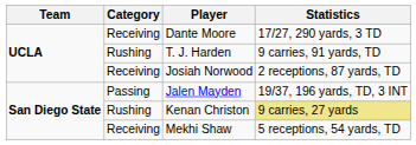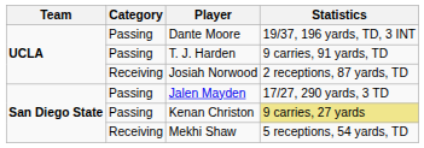 <table class="wikitable" style="float: right;">
 <tr>
 <th>Team</th>
 <th>Category</th>
 <th>Player</th>
 <th>Statistics</th>
 </tr>
 <tr>
 <td rowspan=3><strong>UCLA</strong></td>
-<td>Receiving</td>
+<td>Passing</td>
 <td>Dante Moore</td>
-<td>17/27, 290 yards, 3 TD</td>
+<td>19/37, 196 yards, TD, 3 INT</td>
 </tr>
 <tr>
-<td>Rushing</td>
+<td>Passing</td>
 <td>T. J. Harden</td>
 <td>9 carries, 91 yards, TD</td>
 </tr>
 <tr>
 <td>Receiving</td>
 <td>Josiah Norwood</td>
 <td>2 receptions, 87 yards, TD</td>
 </tr>
 <tr>
 <td rowspan=3><strong>San Diego State</strong></td>
 <td>Passing</td>
 <td><a href='#'>Jalen Mayden</a></td>
-<td>19/37, 196 yards, TD, 3 INT</td>
+<td>17/27, 290 yards, 3 TD</td>
 </tr>
 <tr>
-<td>Rushing</td>
+<td>Passing</td>
 <td>Kenan Christon</td>
 <td style="background: khaki;">9 carries, 27 yards</td>
 </tr>
 <tr>
 <td>Receiving</td>
 <td>Mekhi Shaw</td>
 <td>5 receptions, 54 yards, TD</td>
 </tr>
 </table>
